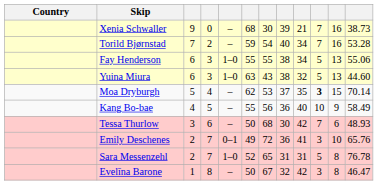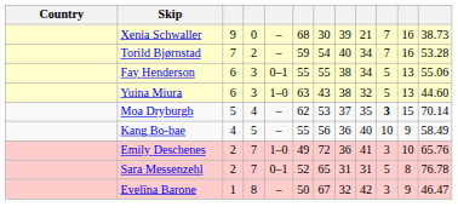 <table class=wikitable  style="text-align:center;">
 <tr>
 <th width=140>Country</th>
 <th width=130>Skip</th>
 <th width=20></th>
 <th width=20></th>
 <th width=30></th>
 <th width=20></th>
 <th width=20></th>
 <th width=20></th>
 <th width=20></th>
 <th width=20></th>
 <th width=20></th>
 <th width=20></th>
 </tr>
 <tr style="background:#ffffcc;">
 <td style="text-align:left;"></td>
 <td style="text-align:left;"><a href='#'>Xenia Schwaller</a></td>
 <td>9</td>
 <td>0</td>
 <td>–</td>
 <td>68</td>
 <td>30</td>
 <td>39</td>
 <td>21</td>
 <td>7</td>
 <td>16</td>
 <td>38.73</td>
 </tr>
 <tr style="background:#ffffcc;">
 <td style="text-align:left;"></td>
 <td style="text-align:left;"><a href='#'>Torild Bjørnstad</a></td>
 <td>7</td>
 <td>2</td>
 <td>–</td>
 <td>59</td>
 <td>54</td>
 <td>40</td>
 <td>34</td>
 <td>7</td>
 <td>16</td>
 <td>53.28</td>
 </tr>
 <tr style="background:#ffffcc;">
 <td style="text-align:left;"></td>
 <td style="text-align:left;"><a href='#'>Fay Henderson</a></td>
 <td>6</td>
 <td>3</td>
-<td>1–0</td>
+<td>0–1</td>
 <td>55</td>
 <td>55</td>
 <td>38</td>
 <td>34</td>
 <td>5</td>
 <td>13</td>
 <td>55.06</td>
 </tr>
 <tr style="background:#ffffcc;">
 <td style="text-align:left;"></td>
 <td style="text-align:left;"><a href='#'>Yuina Miura</a></td>
 <td>6</td>
 <td>3</td>
 <td>1–0</td>
 <td>63</td>
 <td>43</td>
 <td>38</td>
 <td>32</td>
 <td>5</td>
 <td>13</td>
 <td>44.60</td>
 </tr>
 <tr>
 <td style="text-align:left;"></td>
 <td style="text-align:left;"><a href='#'>Moa Dryburgh</a></td>
 <td>5</td>
 <td>4</td>
 <td>–</td>
 <td>62</td>
 <td>53</td>
 <td>37</td>
 <td>35</td>
 <td><strong>3</strong></td>
 <td>15</td>
 <td>70.14</td>
 </tr>
 <tr>
 <td style="text-align:left;"></td>
 <td style="text-align:left;"><a href='#'>Kang Bo-bae</a></td>
 <td>4</td>
 <td>5</td>
 <td>–</td>
 <td>55</td>
 <td>56</td>
 <td>36</td>
 <td>40</td>
 <td>10</td>
 <td>9</td>
 <td>58.49</td>
 </tr>
 <tr style="background:#ffcccc;">
 <td style="text-align:left;"></td>
-<td style="text-align:left;"><a href='#'>Tessa Thurlow</a></td>
-<td>3</td>
-<td>6</td>
-<td>–</td>
-<td>50</td>
-<td>68</td>
-<td>30</td>
-<td>42</td>
-<td>7</td>
-<td>6</td>
-<td>48.93</td>
-</tr>
-<tr style="background:#ffcccc;">
-<td style="text-align:left;"></td>
 <td style="text-align:left;"><a href='#'>Emily Deschenes</a></td>
 <td>2</td>
 <td>7</td>
-<td>0–1</td>
+<td>1–0</td>
 <td>49</td>
 <td>72</td>
 <td>36</td>
 <td>41</td>
 <td>3</td>
 <td>10</td>
 <td>65.76</td>
 </tr>
 <tr style="background:#ffcccc;">
 <td style="text-align:left;"></td>
 <td style="text-align:left;"><a href='#'>Sara Messenzehl</a></td>
 <td>2</td>
 <td>7</td>
-<td>1–0</td>
+<td>0–1</td>
 <td>52</td>
 <td>65</td>
 <td>31</td>
 <td>31</td>
 <td>5</td>
 <td>8</td>
 <td>76.78</td>
 </tr>
 <tr style="background:#ffcccc;">
 <td style="text-align:left;"></td>
 <td style="text-align:left;"><a href='#'>Evelīna Barone</a></td>
 <td>1</td>
 <td>8</td>
 <td>–</td>
 <td>50</td>
 <td>67</td>
 <td>32</td>
 <td>42</td>
 <td>3</td>
-<td>8</td>
+<td>9</td>
 <td>46.47</td>
 </tr>
 </table>
